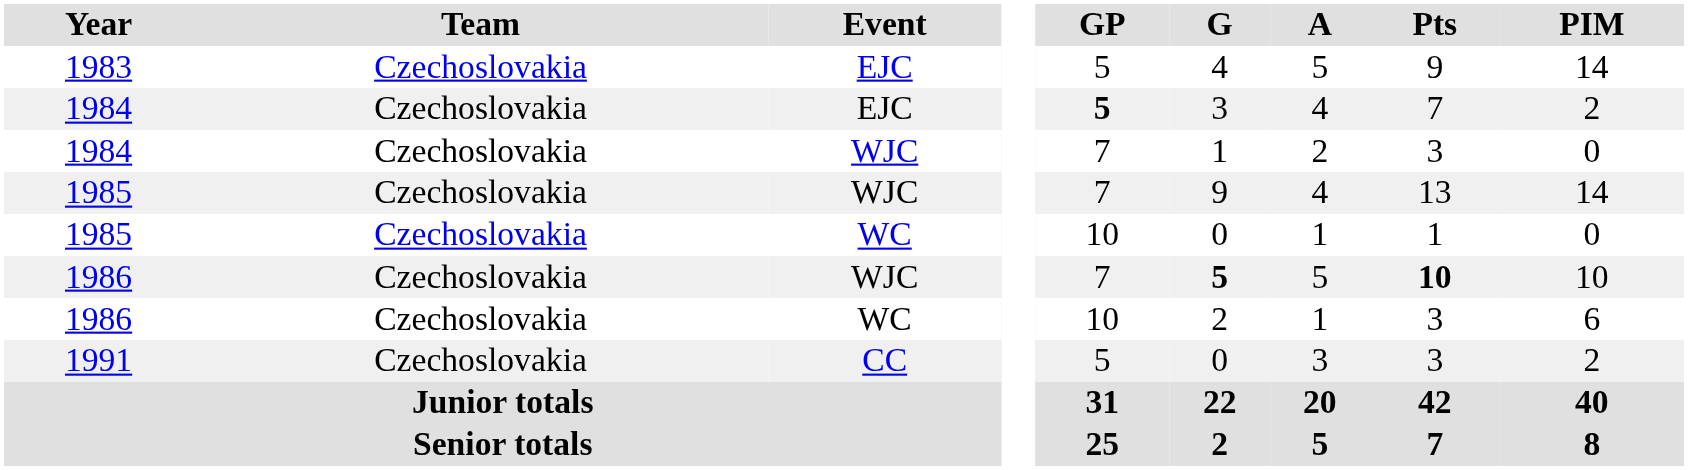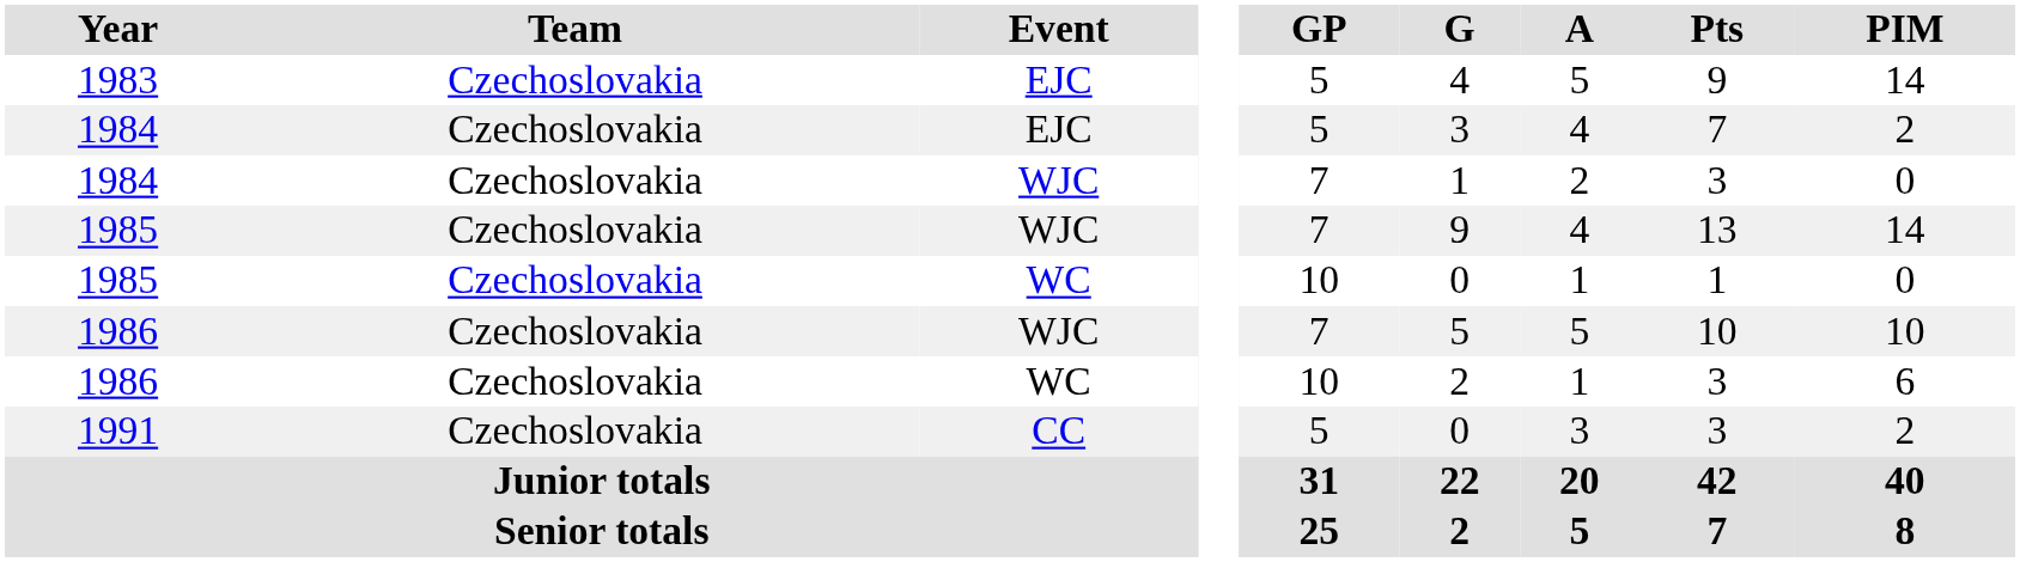 <table border="0" cellpadding="1" cellspacing="0" style="text-align:center; width:50em">
 <tr ALIGN="center" bgcolor="#e0e0e0">
 <th>Year</th>
 <th>Team</th>
 <th>Event</th>
 <th rowspan="99" bgcolor="#ffffff"> </th>
 <th>GP</th>
 <th>G</th>
 <th>A</th>
 <th>Pts</th>
 <th>PIM</th>
 </tr>
 <tr>
 <td><a href='#'>1983</a></td>
 <td><a href='#'>Czechoslovakia</a></td>
 <td><a href='#'>EJC</a></td>
 <td>5</td>
 <td>4</td>
 <td>5</td>
 <td>9</td>
 <td>14</td>
 </tr>
 <tr bgcolor="#f0f0f0">
 <td><a href='#'>1984</a></td>
 <td>Czechoslovakia</td>
 <td>EJC</td>
-<td><strong>5</strong></td>
+<td>5</td>
 <td>3</td>
 <td>4</td>
 <td>7</td>
 <td>2</td>
 </tr>
 <tr>
 <td><a href='#'>1984</a></td>
 <td>Czechoslovakia</td>
 <td><a href='#'>WJC</a></td>
 <td>7</td>
 <td>1</td>
 <td>2</td>
 <td>3</td>
 <td>0</td>
 </tr>
 <tr bgcolor="#f0f0f0">
 <td><a href='#'>1985</a></td>
 <td>Czechoslovakia</td>
 <td>WJC</td>
 <td>7</td>
 <td>9</td>
 <td>4</td>
 <td>13</td>
 <td>14</td>
 </tr>
 <tr>
 <td><a href='#'>1985</a></td>
 <td><a href='#'>Czechoslovakia</a></td>
 <td><a href='#'>WC</a></td>
 <td>10</td>
 <td>0</td>
 <td>1</td>
 <td>1</td>
 <td>0</td>
 </tr>
 <tr bgcolor="#f0f0f0">
 <td><a href='#'>1986</a></td>
 <td>Czechoslovakia</td>
 <td>WJC</td>
 <td>7</td>
-<td><strong>5</strong></td>
 <td>5</td>
-<td><strong>10</strong></td>
+<td>5</td>
+<td>10</td>
 <td>10</td>
 </tr>
 <tr>
 <td><a href='#'>1986</a></td>
 <td>Czechoslovakia</td>
 <td>WC</td>
 <td>10</td>
 <td>2</td>
 <td>1</td>
 <td>3</td>
 <td>6</td>
 </tr>
 <tr bgcolor="#f0f0f0">
 <td><a href='#'>1991</a></td>
 <td>Czechoslovakia</td>
 <td><a href='#'>CC</a></td>
 <td>5</td>
 <td>0</td>
 <td>3</td>
 <td>3</td>
 <td>2</td>
 </tr>
 <tr bgcolor="#e0e0e0">
 <th colspan=3>Junior totals</th>
 <th>31</th>
 <th>22</th>
 <th>20</th>
 <th>42</th>
 <th>40</th>
 </tr>
 <tr bgcolor="#e0e0e0">
 <th colspan=3>Senior totals</th>
 <th>25</th>
 <th>2</th>
 <th>5</th>
 <th>7</th>
 <th>8</th>
 </tr>
 </table>
